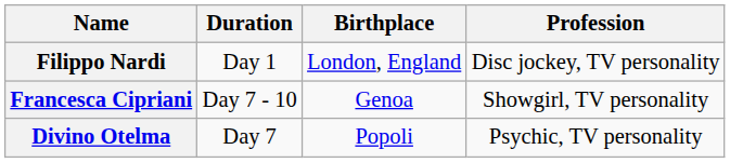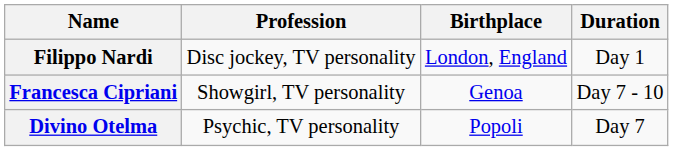 <table class="wikitable sortable" style="text-align:center; line-height:20px;">
 <tr>
 <th>Name</th>
+<th>Profession</th>
+<th>Birthplace</th>
 <th>Duration</th>
-<th>Birthplace</th>
-<th>Profession</th>
 </tr>
 <tr>
 <th>Filippo Nardi</th>
+<td>Disc jockey, TV personality</td>
+<td><a href='#'>London</a>, <a href='#'>England</a></td>
 <td>Day 1</td>
-<td><a href='#'>London</a>, <a href='#'>England</a></td>
-<td>Disc jockey, TV personality</td>
 </tr>
 <tr>
 <th><a href='#'>Francesca Cipriani</a></th>
+<td>Showgirl, TV personality</td>
+<td><a href='#'>Genoa</a></td>
 <td>Day 7 - 10</td>
-<td><a href='#'>Genoa</a></td>
-<td>Showgirl, TV personality</td>
 </tr>
 <tr>
 <th><a href='#'>Divino Otelma</a></th>
+<td>Psychic, TV personality</td>
+<td><a href='#'>Popoli</a></td>
 <td>Day 7</td>
-<td><a href='#'>Popoli</a></td>
-<td>Psychic, TV personality</td>
 </tr>
 </table>
